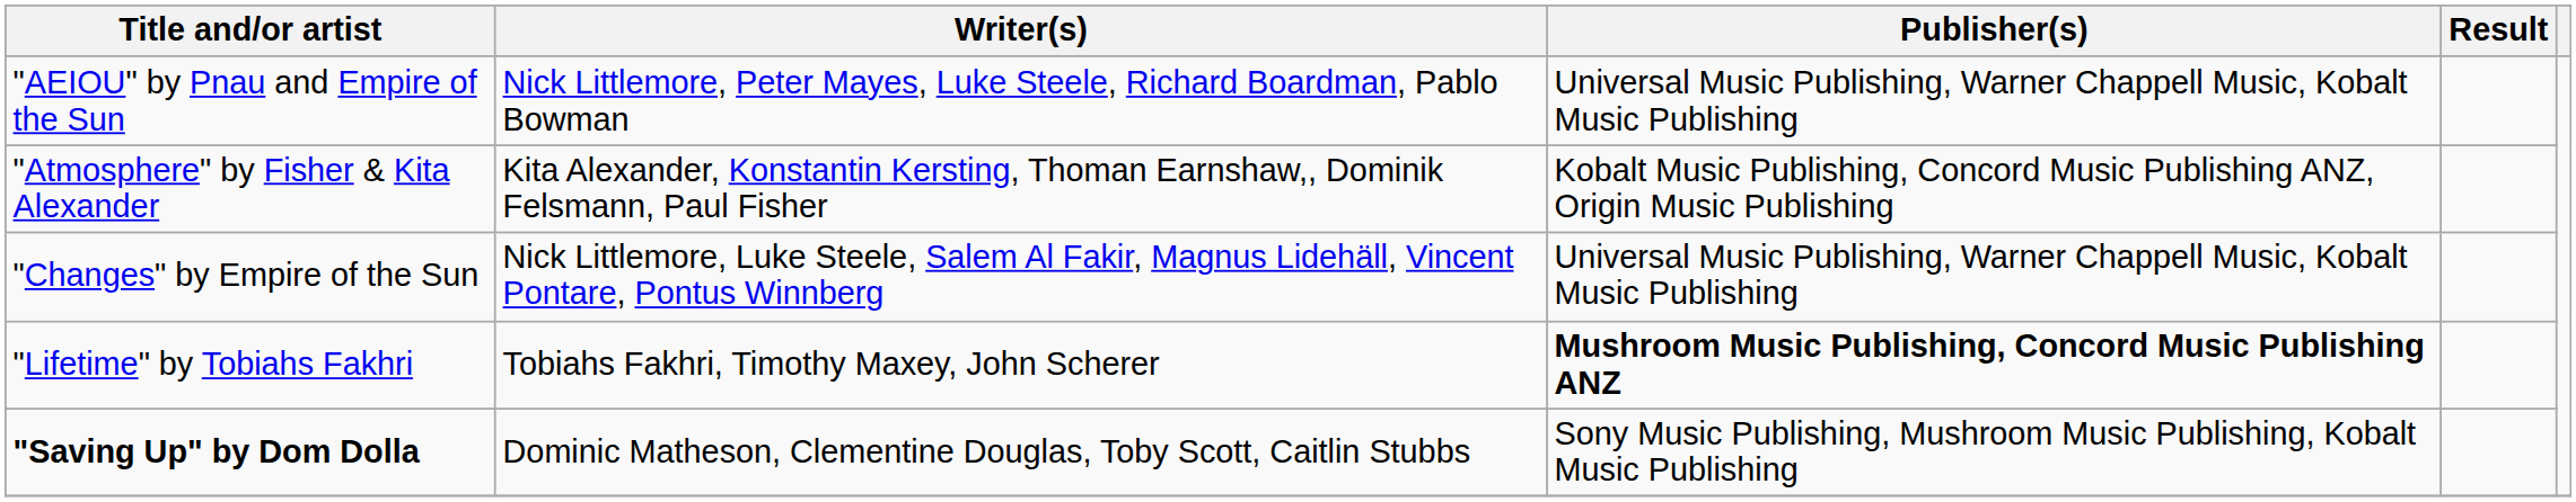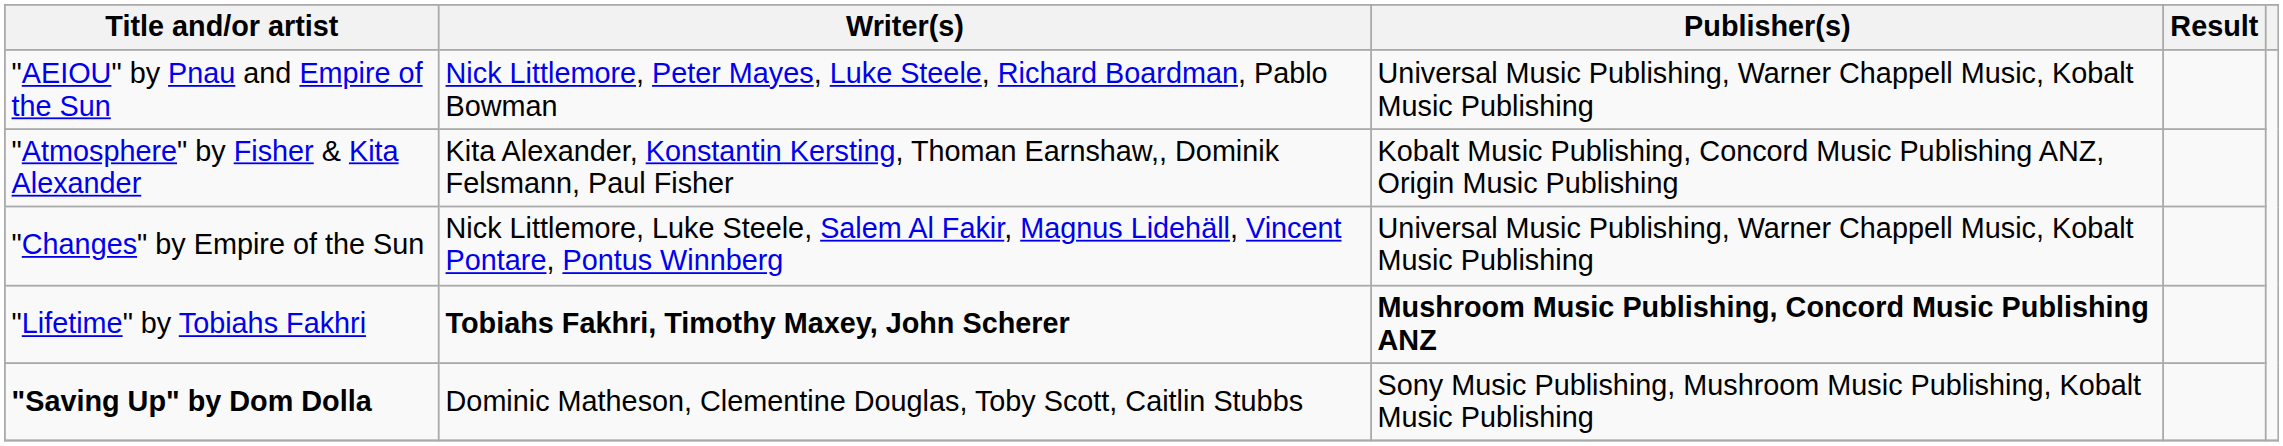 <table class="wikitable" width=100%>
 <tr>
 <th scope="col">Title and/or artist</th>
 <th scope="col">Writer(s)</th>
 <th scope="col">Publisher(s)</th>
 <th scope="col">Result</th>
 <th scope="col"></th>
 </tr>
 <tr>
 <td>"<a href='#'>AEIOU</a>" by <a href='#'>Pnau</a> and <a href='#'>Empire of the Sun</a></td>
 <td><a href='#'>Nick Littlemore</a>, <a href='#'>Peter Mayes</a>, <a href='#'>Luke Steele</a>, <a href='#'>Richard Boardman</a>, Pablo Bowman</td>
 <td>Universal Music Publishing, Warner Chappell Music, Kobalt Music Publishing</td>
 <td></td>
 <td rowspan="5"></td>
 </tr>
 <tr>
 <td>"<a href='#'>Atmosphere</a>" by <a href='#'>Fisher</a> & <a href='#'>Kita Alexander</a></td>
 <td>Kita Alexander, <a href='#'>Konstantin Kersting</a>, Thoman Earnshaw,, Dominik Felsmann, Paul Fisher</td>
 <td>Kobalt Music Publishing, Concord Music Publishing ANZ, Origin Music Publishing</td>
 <td></td>
 </tr>
 <tr>
 <td>"<a href='#'>Changes</a>" by Empire of the Sun</td>
 <td>Nick Littlemore, Luke Steele, <a href='#'>Salem Al Fakir</a>, <a href='#'>Magnus Lidehäll</a>, <a href='#'>Vincent Pontare</a>, <a href='#'>Pontus Winnberg</a></td>
 <td>Universal Music Publishing, Warner Chappell Music, Kobalt Music Publishing</td>
 <td></td>
 </tr>
 <tr>
 <td>"<a href='#'>Lifetime</a>" by <a href='#'>Tobiahs Fakhri</a></td>
-<td>Tobiahs Fakhri, Timothy Maxey, John Scherer</td>
+<td><strong>Tobiahs Fakhri, Timothy Maxey, John Scherer</strong></td>
 <td><strong>Mushroom Music Publishing, Concord Music Publishing ANZ</strong></td>
 <td></td>
 </tr>
 <tr>
 <td><strong>"Saving Up" by Dom Dolla</strong></td>
 <td>Dominic Matheson, Clementine Douglas, Toby Scott, Caitlin Stubbs</td>
 <td>Sony Music Publishing, Mushroom Music Publishing, Kobalt Music Publishing</td>
 <td></td>
 </tr>
 <tr>
 </tr>
 </table>
